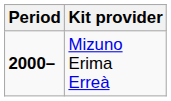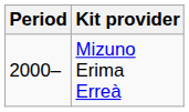 <table class="wikitable" style="text-align: left">
 <tr>
 <th>Period</th>
 <th>Kit provider</th>
 </tr>
 <tr>
-<td><strong>2000–</strong></td>
+<td>2000–</td>
 <td><a href='#'>Mizuno</a><br>Erima<br><a href='#'>Erreà</a></td>
 </tr>
 </table>
